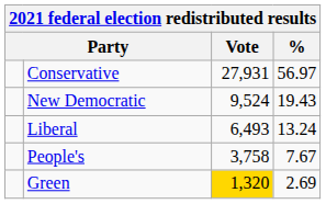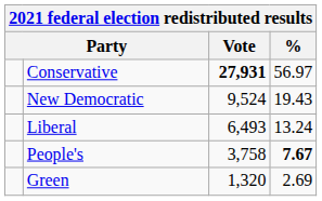 <table class="wikitable">
 <tr>
 <th colspan="4"><a href='#'>2021 federal election</a> redistributed results</th>
 </tr>
 <tr>
 <th bgcolor="#DDDDFF" width="130px" colspan="2">Party</th>
 <th bgcolor="#DDDDFF" width="50px">Vote</th>
 <th bgcolor="#DDDDFF" width="30px">%</th>
 </tr>
 <tr>
 <td> </td>
 <td><a href='#'>Conservative</a></td>
-<td align=right>27,931</td>
+<td align=right><strong>27,931</strong></td>
 <td align=right>56.97</td>
 </tr>
 <tr>
 <td> </td>
 <td><a href='#'>New Democratic</a></td>
 <td align=right>9,524</td>
 <td align=right>19.43</td>
 </tr>
 <tr>
 <td> </td>
 <td><a href='#'>Liberal</a></td>
 <td align=right>6,493</td>
 <td align=right>13.24</td>
 </tr>
 <tr>
 <td> </td>
 <td><a href='#'>People's</a></td>
 <td align=right>3,758</td>
-<td align=right>7.67</td>
+<td align=right><strong>7.67</strong></td>
 </tr>
 <tr>
 <td> </td>
 <td><a href='#'>Green</a></td>
-<td align=right style="background: gold;">1,320</td>
+<td align=right>1,320</td>
 <td align=right>2.69</td>
 </tr>
 </table>
